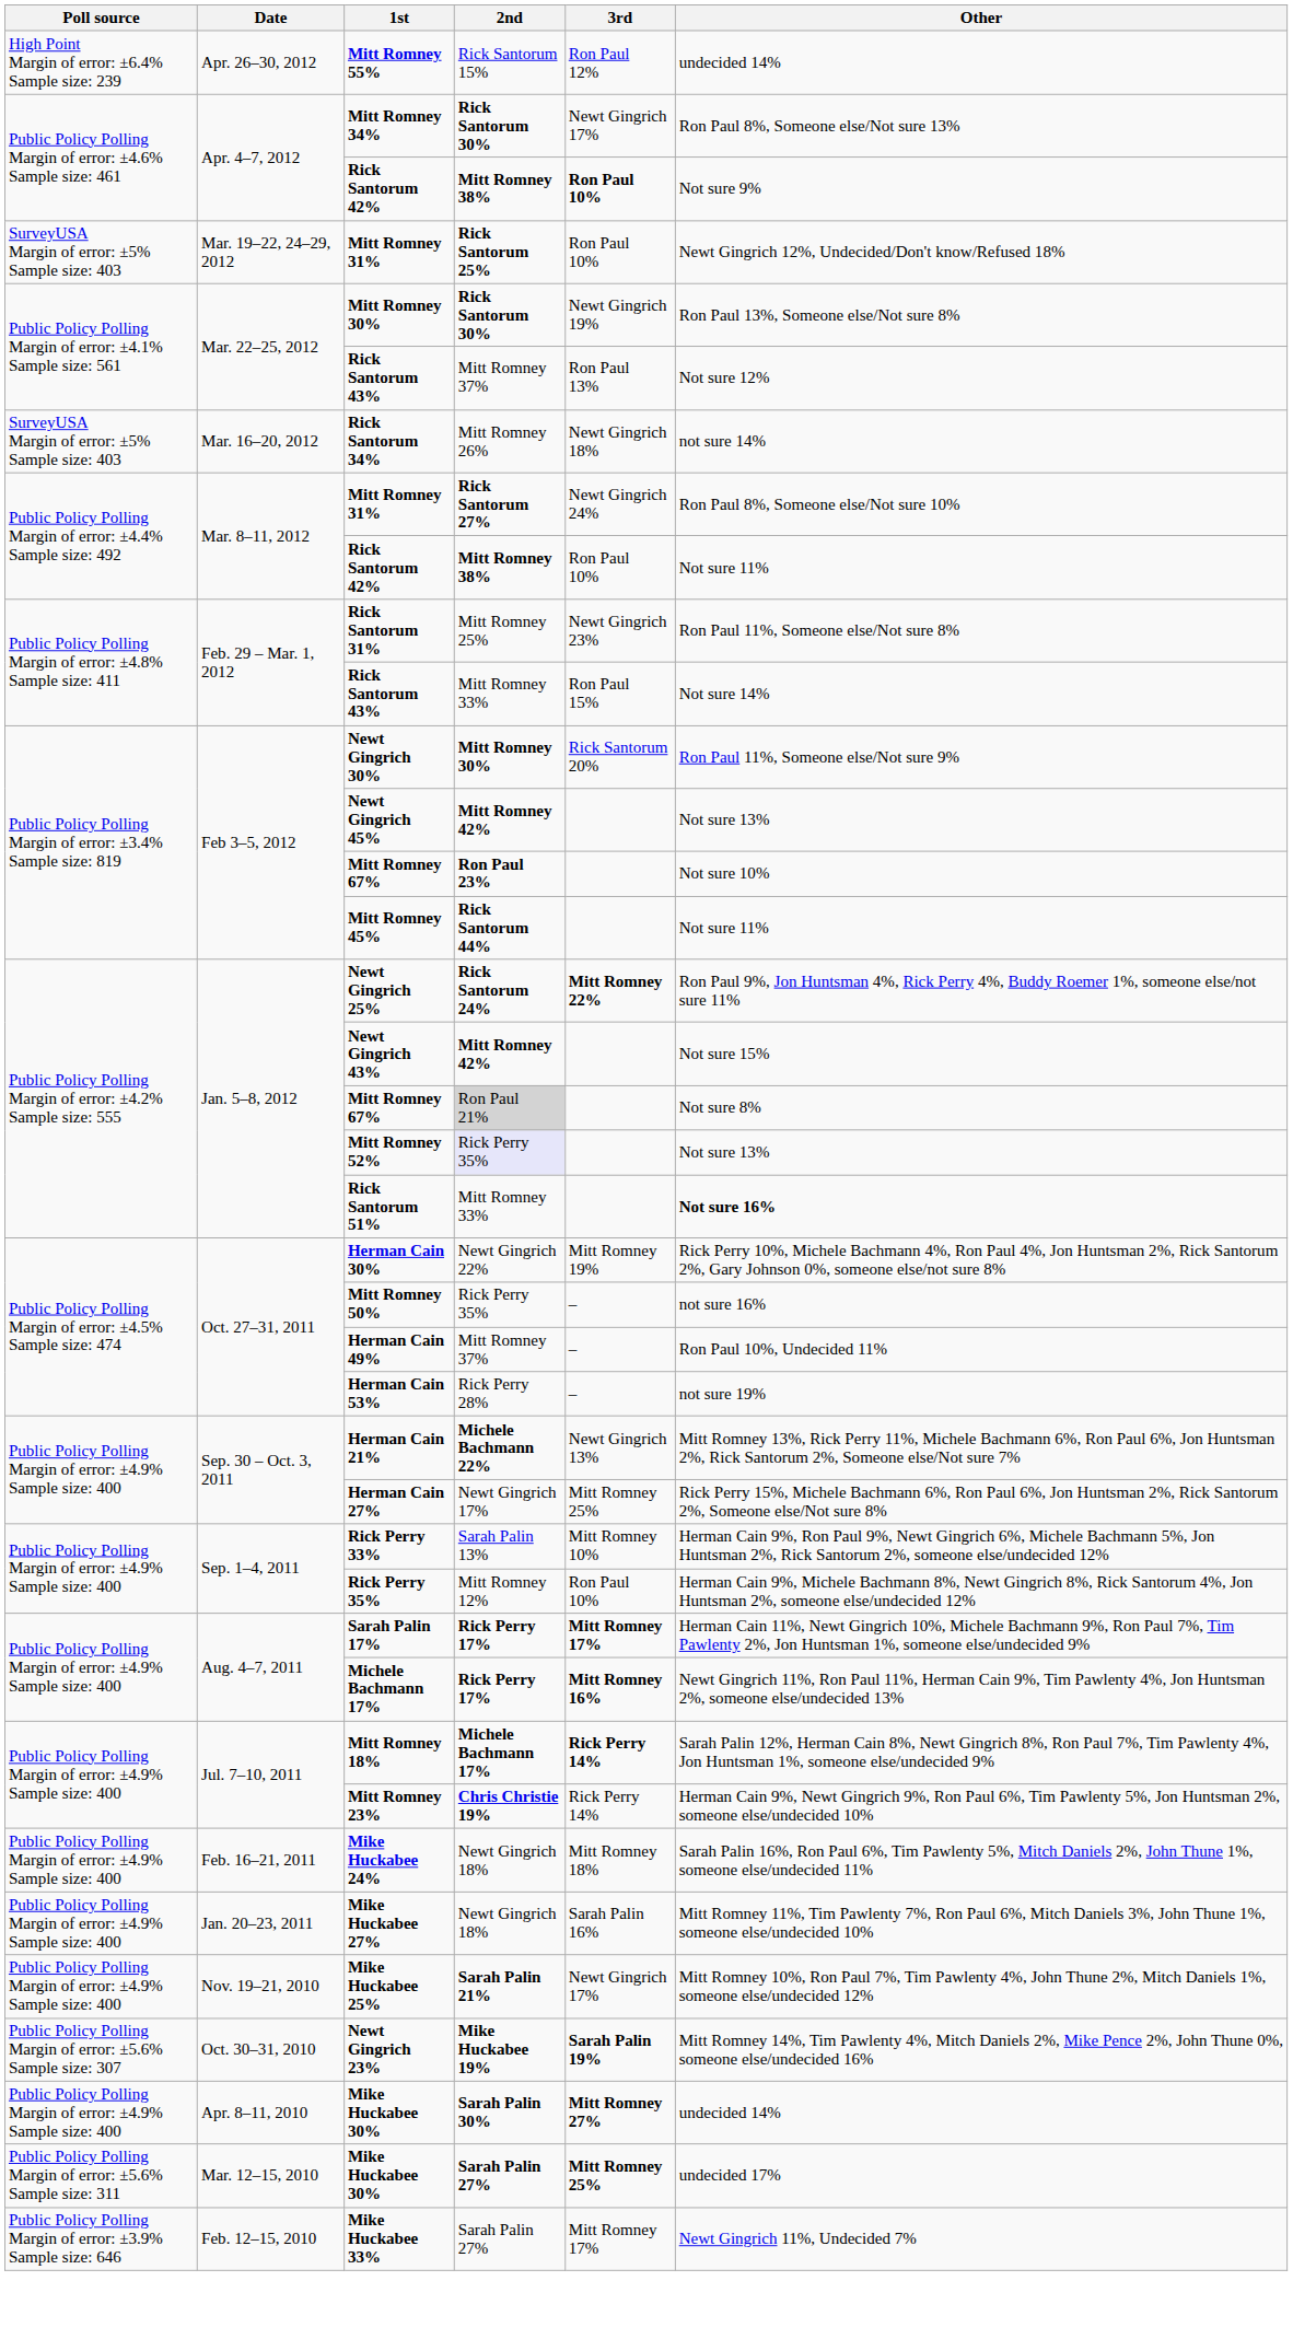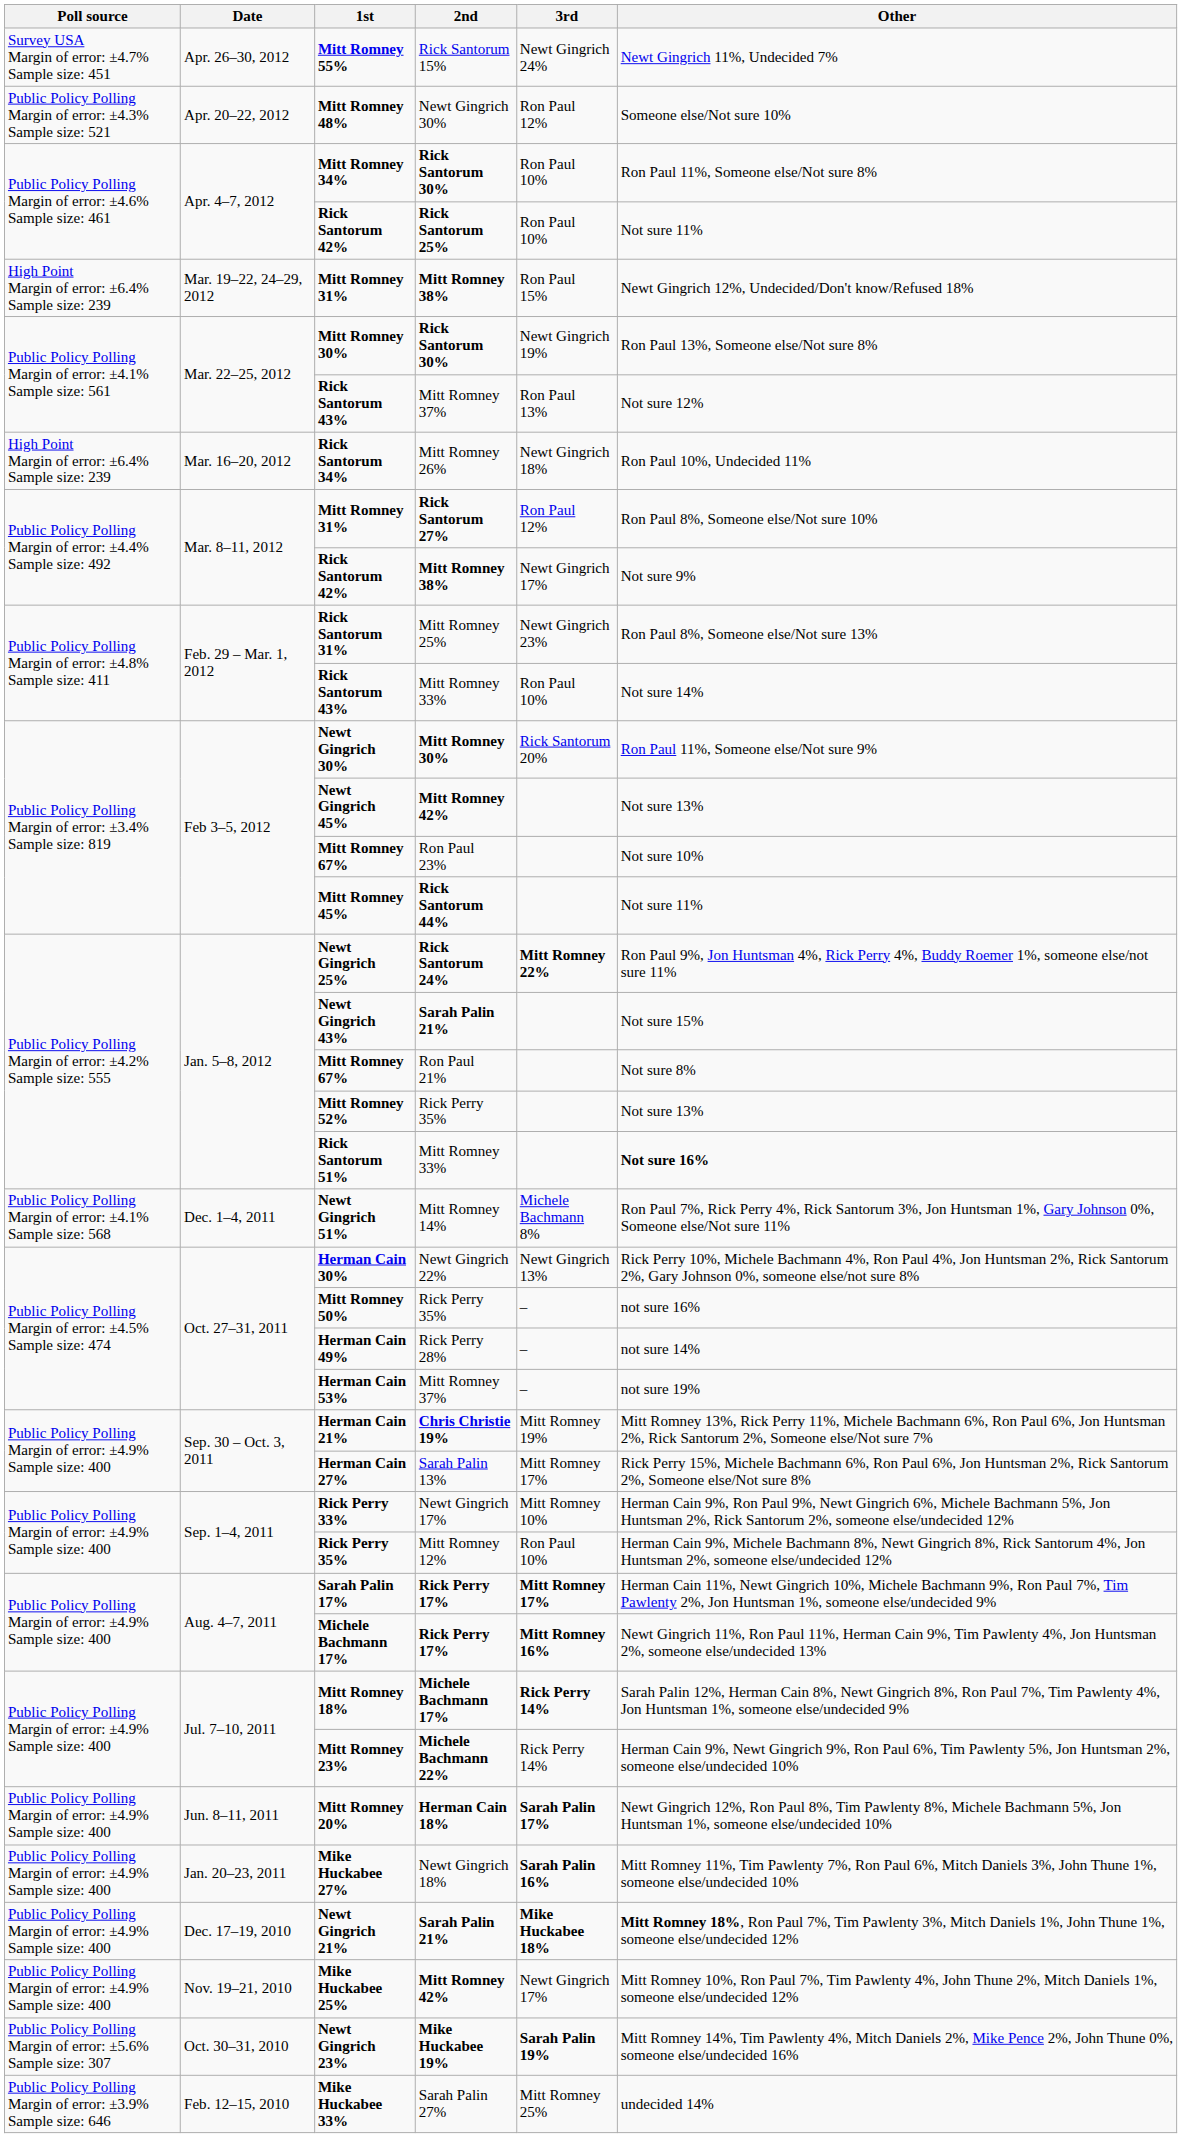 <table class="wikitable">
 <tr>
 <th style="width:180px;">Poll source</th>
 <th style="width:135px;">Date</th>
 <th style="width:100px;">1st</th>
 <th style="width:100px;">2nd</th>
 <th style="width:100px;">3rd</th>
 <th>Other</th>
 </tr>
 <tr>
-<td><a href='#'>High Point</a><br>Margin of error: ±6.4% <br>Sample size: 239</td>
+<td><a href='#'>Survey USA</a><br>Margin of error: ±4.7% <br>Sample size: 451</td>
 <td>Apr. 26–30, 2012</td>
 <td><strong><a href='#'>Mitt Romney</a><br>55%</strong></td>
 <td><a href='#'>Rick Santorum</a><br>15%</td>
-<td><a href='#'>Ron Paul</a><br>12%</td>
-<td>undecided 14%</td>
+<td>Newt Gingrich<br>24%</td>
+<td><a href='#'>Newt Gingrich</a> 11%, Undecided 7%</td>
+</tr>
+<tr>
+<td><a href='#'>Public Policy Polling</a><br>Margin of error: ±4.3% <br>Sample size: 521</td>
+<td>Apr. 20–22, 2012</td>
+<td><strong>Mitt Romney<br>48%</strong></td>
+<td>Newt Gingrich<br>30%</td>
+<td>Ron Paul<br>12%</td>
+<td>Someone else/Not sure 10%</td>
 </tr>
 <tr>
 <td rowspan=2><a href='#'>Public Policy Polling</a><br>Margin of error: ±4.6% <br>Sample size: 461</td>
 <td rowspan=2>Apr. 4–7, 2012</td>
 <td><strong>Mitt Romney<br>34%</strong></td>
 <td><strong>Rick Santorum<br>30%</strong></td>
-<td>Newt Gingrich<br>17%</td>
-<td>Ron Paul 8%, Someone else/Not sure 13%</td>
+<td>Ron Paul<br>10%</td>
+<td>Ron Paul 11%, Someone else/Not sure 8%</td>
 </tr>
 <tr>
 <td><strong>Rick Santorum<br>42%</strong></td>
-<td><strong>Mitt Romney<br>38%</strong></td>
-<td><strong>Ron Paul<br>10%</strong></td>
-<td>Not sure 9%</td>
+<td><strong>Rick Santorum<br>25%</strong></td>
+<td>Ron Paul<br>10%</td>
+<td>Not sure 11%</td>
 </tr>
 <tr>
-<td><a href='#'>SurveyUSA</a><br>Margin of error: ±5% <br>Sample size: 403</td>
+<td><a href='#'>High Point</a><br>Margin of error: ±6.4% <br>Sample size: 239</td>
 <td>Mar. 19–22, 24–29, 2012</td>
 <td><strong>Mitt Romney<br>31%</strong></td>
-<td><strong>Rick Santorum<br>25%</strong></td>
-<td>Ron Paul<br>10%</td>
+<td><strong>Mitt Romney<br>38%</strong></td>
+<td>Ron Paul<br>15%</td>
 <td>Newt Gingrich 12%, Undecided/Don't know/Refused 18%</td>
 </tr>
 <tr>
 <td rowspan=2><a href='#'>Public Policy Polling</a><br>Margin of error: ±4.1% <br>Sample size: 561</td>
 <td rowspan=2>Mar. 22–25, 2012</td>
 <td><strong>Mitt Romney<br>30%</strong></td>
 <td><strong>Rick Santorum<br>30%</strong></td>
 <td>Newt Gingrich<br>19%</td>
 <td>Ron Paul 13%, Someone else/Not sure 8%</td>
 </tr>
 <tr>
 <td><strong>Rick Santorum<br>43%</strong></td>
 <td>Mitt Romney<br>37%</td>
 <td>Ron Paul<br>13%</td>
 <td>Not sure 12%</td>
 </tr>
 <tr>
-<td><a href='#'>SurveyUSA</a><br>Margin of error: ±5% <br>Sample size: 403</td>
+<td><a href='#'>High Point</a><br>Margin of error: ±6.4% <br>Sample size: 239</td>
 <td>Mar. 16–20, 2012</td>
 <td><strong>Rick Santorum<br>34%</strong></td>
 <td>Mitt Romney<br>26%</td>
 <td>Newt Gingrich<br>18%</td>
-<td>not sure 14%</td>
+<td>Ron Paul 10%, Undecided 11%</td>
 </tr>
 <tr>
 <td rowspan=2><a href='#'>Public Policy Polling</a><br>Margin of error: ±4.4% <br>Sample size: 492</td>
 <td rowspan=2>Mar. 8–11, 2012</td>
 <td><strong>Mitt Romney<br>31%</strong></td>
 <td><strong>Rick Santorum<br>27%</strong></td>
-<td>Newt Gingrich<br>24%</td>
+<td><a href='#'>Ron Paul</a><br>12%</td>
 <td>Ron Paul 8%, Someone else/Not sure 10%</td>
 </tr>
 <tr>
 <td><strong>Rick Santorum<br>42%</strong></td>
 <td><strong>Mitt Romney<br>38%</strong></td>
-<td>Ron Paul<br>10%</td>
-<td>Not sure 11%</td>
+<td>Newt Gingrich<br>17%</td>
+<td>Not sure 9%</td>
 </tr>
 <tr>
 <td rowspan=2><a href='#'>Public Policy Polling</a><br>Margin of error: ±4.8% <br>Sample size: 411</td>
 <td rowspan=2>Feb. 29 – Mar. 1, 2012</td>
 <td><strong>Rick Santorum<br>31%</strong></td>
 <td>Mitt Romney<br>25%</td>
 <td>Newt Gingrich<br>23%</td>
-<td>Ron Paul 11%, Someone else/Not sure 8%</td>
+<td>Ron Paul 8%, Someone else/Not sure 13%</td>
 </tr>
 <tr>
 <td><strong>Rick Santorum<br>43%</strong></td>
 <td>Mitt Romney<br>33%</td>
-<td>Ron Paul<br>15%</td>
+<td>Ron Paul<br>10%</td>
 <td>Not sure 14%</td>
 </tr>
 <tr>
 <td rowspan=4><a href='#'>Public Policy Polling</a><br>Margin of error: ±3.4% <br>Sample size: 819</td>
 <td rowspan=4>Feb 3–5, 2012</td>
 <td><strong>Newt Gingrich<br>30%</strong></td>
 <td><strong>Mitt Romney<br>30%</strong></td>
 <td><a href='#'>Rick Santorum</a><br>20%</td>
 <td><a href='#'>Ron Paul</a> 11%, Someone else/Not sure 9%</td>
 </tr>
 <tr>
 <td><strong>Newt Gingrich<br> 45%</strong></td>
 <td><strong>Mitt Romney<br>42%</strong></td>
 <td></td>
 <td>Not sure 13%</td>
 </tr>
 <tr>
 <td><strong>Mitt Romney<br> 67%</strong></td>
-<td><strong>Ron Paul<br>23%</strong></td>
+<td>Ron Paul<br>23%</td>
 <td></td>
 <td>Not sure 10%</td>
 </tr>
 <tr>
 <td><strong>Mitt Romney<br> 45%</strong></td>
 <td><strong>Rick Santorum<br>44%</strong></td>
 <td></td>
 <td>Not sure 11%</td>
 </tr>
 <tr>
 <td rowspan=5><a href='#'>Public Policy Polling</a><br>Margin of error: ±4.2% <br>Sample size: 555</td>
 <td rowspan=5>Jan. 5–8, 2012</td>
 <td><strong>Newt Gingrich<br>25%</strong></td>
 <td><strong>Rick Santorum<br>24%</strong></td>
 <td><strong>Mitt Romney<br>22%</strong></td>
 <td>Ron Paul 9%, <a href='#'>Jon Huntsman</a> 4%, <a href='#'>Rick Perry</a> 4%, <a href='#'>Buddy Roemer</a> 1%, someone else/not sure 11%</td>
 </tr>
 <tr>
 <td><strong>Newt Gingrich<br> 43%</strong></td>
-<td><strong>Mitt Romney<br>42%</strong></td>
+<td><strong>Sarah Palin<br> 21%</strong></td>
 <td></td>
 <td>Not sure 15%</td>
 </tr>
 <tr>
 <td><strong>Mitt Romney<br> 67%</strong></td>
-<td style="background: lightgrey;">Ron Paul<br> 21%</td>
+<td>Ron Paul<br> 21%</td>
 <td></td>
 <td>Not sure 8%</td>
 </tr>
 <tr>
 <td><strong>Mitt Romney<br> 52%</strong></td>
-<td style="background: lavender;">Rick Perry<br> 35%</td>
+<td>Rick Perry<br> 35%</td>
 <td></td>
 <td>Not sure 13%</td>
 </tr>
 <tr>
 <td><strong>Rick Santorum<br> 51%</strong></td>
 <td>Mitt Romney<br> 33%</td>
 <td></td>
 <td><strong>Not sure 16%</strong></td>
 </tr>
 <tr>
+<td><a href='#'>Public Policy Polling</a><br>Margin of error: ±4.1% <br>Sample size: 568</td>
+<td>Dec. 1–4, 2011</td>
+<td><strong>Newt Gingrich<br>51%</strong></td>
+<td>Mitt Romney<br>14%</td>
+<td><a href='#'>Michele Bachmann</a><br>8%</td>
+<td>Ron Paul 7%, Rick Perry 4%, Rick Santorum 3%, Jon Huntsman 1%, <a href='#'>Gary Johnson</a> 0%, Someone else/Not sure 11%</td>
+</tr>
+<tr>
 <td rowspan=4><a href='#'>Public Policy Polling</a><br>Margin of error: ±4.5% <br>Sample size: 474</td>
 <td rowspan=4>Oct. 27–31, 2011</td>
 <td><strong><a href='#'>Herman Cain</a><br>30%</strong></td>
 <td>Newt Gingrich<br>22%</td>
-<td>Mitt Romney<br>19%</td>
+<td>Newt Gingrich<br>13%</td>
 <td>Rick Perry 10%, Michele Bachmann 4%, Ron Paul 4%, Jon Huntsman 2%, Rick Santorum 2%, Gary Johnson 0%, someone else/not sure 8%</td>
 </tr>
 <tr>
 <td><strong>Mitt Romney<br>50%</strong></td>
 <td>Rick Perry<br>35%</td>
 <td>–</td>
 <td>not sure 16%</td>
 </tr>
 <tr>
 <td><strong>Herman Cain<br>49%</strong></td>
-<td>Mitt Romney<br>37%</td>
+<td>Rick Perry<br>28%</td>
 <td>–</td>
-<td>Ron Paul 10%, Undecided 11%</td>
+<td>not sure 14%</td>
 </tr>
 <tr>
 <td><strong>Herman Cain<br>53%</strong></td>
-<td>Rick Perry<br>28%</td>
+<td>Mitt Romney<br>37%</td>
 <td>–</td>
 <td>not sure 19%</td>
 </tr>
 <tr>
 <td rowspan=2><a href='#'>Public Policy Polling</a><br>Margin of error: ±4.9% <br>Sample size: 400</td>
 <td rowspan=2>Sep. 30 – Oct. 3, 2011</td>
 <td><strong>Herman Cain<br>21%</strong></td>
-<td><strong>Michele Bachmann<br> 22%</strong></td>
-<td>Newt Gingrich<br>13%</td>
+<td><strong><a href='#'>Chris Christie</a><br>19%</strong></td>
+<td>Mitt Romney<br>19%</td>
 <td>Mitt Romney 13%, Rick Perry 11%, Michele Bachmann 6%, Ron Paul 6%, Jon Huntsman 2%, Rick Santorum 2%, Someone else/Not sure 7%</td>
 </tr>
 <tr>
 <td><strong>Herman Cain<br>27%</strong></td>
-<td>Newt Gingrich<br>17%</td>
-<td>Mitt Romney<br> 25%</td>
+<td><a href='#'>Sarah Palin</a><br>13%</td>
+<td>Mitt Romney<br>17%</td>
 <td>Rick Perry 15%, Michele Bachmann 6%, Ron Paul 6%, Jon Huntsman 2%, Rick Santorum 2%, Someone else/Not sure 8%</td>
 </tr>
 <tr>
 <td rowspan=2><a href='#'>Public Policy Polling</a><br>Margin of error: ±4.9% <br>Sample size: 400</td>
 <td rowspan=2>Sep. 1–4, 2011</td>
 <td><strong>Rick Perry<br>33%</strong></td>
-<td><a href='#'>Sarah Palin</a><br>13%</td>
+<td>Newt Gingrich<br>17%</td>
 <td>Mitt Romney<br>10%</td>
 <td>Herman Cain 9%, Ron Paul 9%, Newt Gingrich 6%, Michele Bachmann 5%, Jon Huntsman 2%, Rick Santorum 2%, someone else/undecided 12%</td>
 </tr>
 <tr>
 <td><strong>Rick Perry<br>35%</strong></td>
 <td>Mitt Romney<br>12%</td>
 <td>Ron Paul<br>10%</td>
 <td>Herman Cain 9%, Michele Bachmann 8%, Newt Gingrich 8%, Rick Santorum 4%, Jon Huntsman 2%, someone else/undecided 12%</td>
 </tr>
 <tr>
 <td rowspan=2><a href='#'>Public Policy Polling</a><br>Margin of error: ±4.9% <br>Sample size: 400</td>
 <td rowspan=2>Aug. 4–7, 2011</td>
 <td><strong>Sarah Palin<br>17%</strong></td>
 <td><strong>Rick Perry<br>17%</strong></td>
 <td><strong>Mitt Romney<br>17%</strong></td>
 <td>Herman Cain 11%, Newt Gingrich 10%, Michele Bachmann 9%, Ron Paul 7%, <a href='#'>Tim Pawlenty</a> 2%, Jon Huntsman 1%, someone else/undecided 9%</td>
 </tr>
 <tr>
 <td><strong>Michele Bachmann<br>17%</strong></td>
 <td><strong>Rick Perry<br>17%</strong></td>
 <td><strong>Mitt Romney<br>16%</strong></td>
 <td>Newt Gingrich 11%, Ron Paul 11%, Herman Cain 9%, Tim Pawlenty 4%, Jon Huntsman 2%, someone else/undecided 13%</td>
 </tr>
 <tr>
 <td rowspan=2><a href='#'>Public Policy Polling</a><br>Margin of error: ±4.9% <br>Sample size: 400</td>
 <td rowspan=2>Jul. 7–10, 2011</td>
 <td><strong>Mitt Romney<br>18%</strong></td>
 <td><strong>Michele Bachmann<br>17%</strong></td>
 <td><strong>Rick Perry<br>14%</strong></td>
 <td>Sarah Palin 12%, Herman Cain 8%, Newt Gingrich 8%, Ron Paul 7%, Tim Pawlenty 4%, Jon Huntsman 1%, someone else/undecided 9%</td>
 </tr>
 <tr>
 <td><strong>Mitt Romney<br> 23%</strong></td>
-<td><strong><a href='#'>Chris Christie</a><br>19%</strong></td>
+<td><strong>Michele Bachmann<br> 22%</strong></td>
 <td>Rick Perry<br> 14%</td>
 <td>Herman Cain 9%, Newt Gingrich 9%, Ron Paul 6%, Tim Pawlenty 5%, Jon Huntsman 2%, someone else/undecided 10%</td>
 </tr>
 <tr>
 <td><a href='#'>Public Policy Polling</a><br>Margin of error: ±4.9% <br>Sample size: 400</td>
-<td>Feb. 16–21, 2011</td>
-<td><strong><a href='#'>Mike Huckabee</a><br> 24%</strong></td>
-<td>Newt Gingrich<br> 18%</td>
-<td>Mitt Romney<br> 18%</td>
-<td>Sarah Palin 16%, Ron Paul 6%, Tim Pawlenty 5%, <a href='#'>Mitch Daniels</a> 2%, <a href='#'>John Thune</a> 1%, someone else/undecided 11%</td>
+<td>Jun. 8–11, 2011</td>
+<td><strong>Mitt Romney<br> 20%</strong></td>
+<td><strong>Herman Cain<br> 18%</strong></td>
+<td><strong>Sarah Palin<br> 17%</strong></td>
+<td>Newt Gingrich 12%, Ron Paul 8%, Tim Pawlenty 8%, Michele Bachmann 5%, Jon Huntsman 1%, someone else/undecided 10%</td>
 </tr>
 <tr>
 <td><a href='#'>Public Policy Polling</a><br>Margin of error: ±4.9% <br>Sample size: 400</td>
 <td>Jan. 20–23, 2011</td>
 <td><strong>Mike Huckabee<br> 27%</strong></td>
 <td>Newt Gingrich<br> 18%</td>
-<td>Sarah Palin<br> 16%</td>
+<td><strong>Sarah Palin<br> 16%</strong></td>
 <td>Mitt Romney 11%, Tim Pawlenty 7%, Ron Paul 6%, Mitch Daniels 3%, John Thune 1%, someone else/undecided 10%</td>
+</tr>
+<tr>
+<td><a href='#'>Public Policy Polling</a><br>Margin of error: ±4.9% <br>Sample size: 400</td>
+<td>Dec. 17–19, 2010</td>
+<td><strong>Newt Gingrich<br> 21%</strong></td>
+<td><strong>Sarah Palin<br> 21%</strong></td>
+<td><strong>Mike Huckabee<br> 18%</strong></td>
+<td><span><strong>Mitt Romney 18%</strong></span>, Ron Paul 7%, Tim Pawlenty 3%, Mitch Daniels 1%, John Thune 1%, someone else/undecided 12%</td>
 </tr>
 <tr>
 <td><a href='#'>Public Policy Polling</a><br>Margin of error: ±4.9% <br>Sample size: 400</td>
 <td>Nov. 19–21, 2010</td>
 <td><strong>Mike Huckabee<br> 25%</strong></td>
-<td><strong>Sarah Palin<br> 21%</strong></td>
+<td><strong>Mitt Romney<br>42%</strong></td>
 <td>Newt Gingrich<br> 17%</td>
 <td>Mitt Romney 10%, Ron Paul 7%, Tim Pawlenty 4%, John Thune 2%, Mitch Daniels 1%, someone else/undecided 12%</td>
 </tr>
 <tr>
 <td><a href='#'>Public Policy Polling</a><br>Margin of error: ±5.6% <br>Sample size: 307</td>
 <td>Oct. 30–31, 2010</td>
 <td><strong>Newt Gingrich<br> 23%</strong></td>
 <td><strong>Mike Huckabee<br> 19%</strong></td>
 <td><strong>Sarah Palin<br> 19%</strong></td>
 <td>Mitt Romney 14%, Tim Pawlenty 4%, Mitch Daniels 2%, <a href='#'>Mike Pence</a> 2%, John Thune 0%, someone else/undecided 16%</td>
 </tr>
 <tr>
-<td><a href='#'>Public Policy Polling</a><br>Margin of error: ±4.9% <br>Sample size: 400</td>
-<td>Apr. 8–11, 2010</td>
-<td><strong>Mike Huckabee<br> 30%</strong></td>
-<td><strong>Sarah Palin<br> 30%</strong></td>
-<td><strong>Mitt Romney<br> 27%</strong></td>
-<td>undecided 14%</td>
-</tr>
-<tr>
-<td><a href='#'>Public Policy Polling</a><br>Margin of error: ±5.6% <br>Sample size: 311</td>
-<td>Mar. 12–15, 2010</td>
-<td><strong>Mike Huckabee<br> 30%</strong></td>
-<td><strong>Sarah Palin<br> 27%</strong></td>
-<td><strong>Mitt Romney<br> 25%</strong></td>
-<td>undecided 17%</td>
-</tr>
-<tr>
 <td><a href='#'>Public Policy Polling</a><br>Margin of error: ±3.9% <br>Sample size: 646</td>
 <td>Feb. 12–15, 2010</td>
 <td><strong>Mike Huckabee<br> 33%</strong></td>
 <td>Sarah Palin<br> 27%</td>
-<td>Mitt Romney<br>17%</td>
-<td><a href='#'>Newt Gingrich</a> 11%, Undecided 7%</td>
+<td>Mitt Romney<br> 25%</td>
+<td>undecided 14%</td>
 </tr>
 </table>
